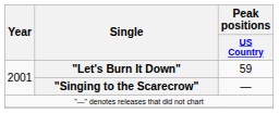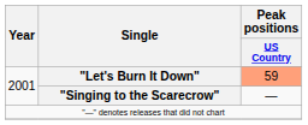 <table class="wikitable plainrowheaders" style="text-align:center;">
 <tr>
 <th rowspan="2">Year</th>
 <th rowspan="2" style="width:16em;">Single</th>
 <th>Peak positions</th>
 </tr>
 <tr style="font-size:smaller;">
 <th width="60"><a href='#'>US Country</a><br></th>
 </tr>
 <tr>
 <td rowspan="2">2001</td>
 <th scope="row">"Let's Burn It Down"</th>
-<td>59</td>
+<td style="background: lightsalmon;">59</td>
 </tr>
 <tr>
 <th scope="row">"Singing to the Scarecrow"</th>
 <td>—</td>
 </tr>
 <tr>
 <td colspan="3" style="font-size:8pt">"—" denotes releases that did not chart</td>
 </tr>
 <tr>
 </tr>
 </table>
